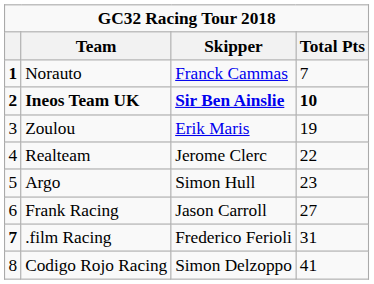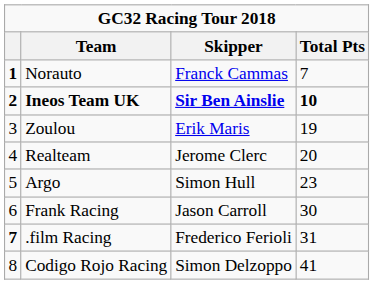 <table class="wikitable" style="display: inline-table;">
 <tr>
 <td colspan="9" style="text-align:center;"><strong>GC32 Racing Tour 2018</strong></td>
 </tr>
 <tr>
 <th></th>
 <th>Team</th>
 <th>Skipper</th>
 <th>Total Pts</th>
 </tr>
 <tr>
 <td><strong>1</strong></td>
 <td> Norauto</td>
 <td><a href='#'>Franck Cammas</a></td>
 <td>7</td>
 </tr>
 <tr>
 <td><strong>2</strong></td>
 <td> <strong>Ineos Team UK</strong></td>
 <td><strong><a href='#'>Sir Ben Ainslie</a></strong></td>
 <td><strong>10</strong></td>
 </tr>
 <tr>
 <td>3</td>
 <td> Zoulou</td>
 <td><a href='#'>Erik Maris</a></td>
 <td>19</td>
 </tr>
 <tr>
 <td>4</td>
 <td> Realteam</td>
 <td>Jerome Clerc</td>
-<td>22</td>
+<td>20</td>
 </tr>
 <tr>
 <td>5</td>
 <td> Argo</td>
 <td>Simon Hull</td>
 <td>23</td>
 </tr>
 <tr>
 <td>6</td>
 <td> Frank Racing</td>
 <td>Jason Carroll</td>
-<td>27</td>
+<td>30</td>
 </tr>
 <tr>
 <td><strong>7</strong></td>
 <td> .film Racing</td>
 <td>Frederico Ferioli</td>
 <td>31</td>
 </tr>
 <tr>
 <td>8</td>
 <td> Codigo Rojo Racing</td>
 <td>Simon Delzoppo</td>
 <td>41</td>
 </tr>
 </table>
